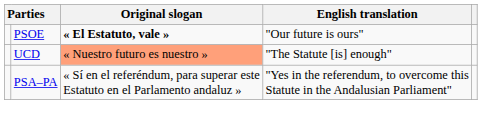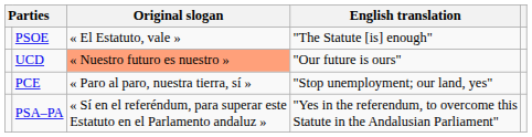 <table class="wikitable" style="font-size:97%; text-align:left;">
 <tr>
 <th style="text-align:left;" colspan="2">Parties</th>
 <th>Original slogan</th>
 <th>English translation</th>
 <th></th>
 </tr>
 <tr>
 <td width="1" style="color:inherit;background:"></td>
 <td><a href='#'>PSOE</a></td>
-<td><strong>« El Estatuto, vale »</strong></td>
-<td>"Our future is ours"</td>
+<td>« El Estatuto, vale »</td>
+<td>"The Statute [is] enough"</td>
 <td></td>
 </tr>
 <tr>
 <td bgcolor=></td>
 <td><a href='#'>UCD</a></td>
 <td style="background: lightsalmon;">« Nuestro futuro es nuestro »</td>
-<td>"The Statute [is] enough"</td>
+<td>"Our future is ours"</td>
+<td></td>
+</tr>
+<tr>
+<td style="color:inherit;background:"></td>
+<td><a href='#'>PCE</a></td>
+<td>« Paro al paro, nuestra tierra, sí »</td>
+<td>"Stop unemployment; our land, yes"</td>
 <td></td>
 </tr>
 <tr>
 <td style="color:inherit;background:"></td>
 <td><a href='#'>PSA–PA</a></td>
 <td>« Sí en el referéndum, para superar este<br>Estatuto en el Parlamento andaluz »</td>
 <td>"Yes in the referendum, to overcome this<br>Statute in the Andalusian Parliament"</td>
 <td></td>
 </tr>
 </table>
